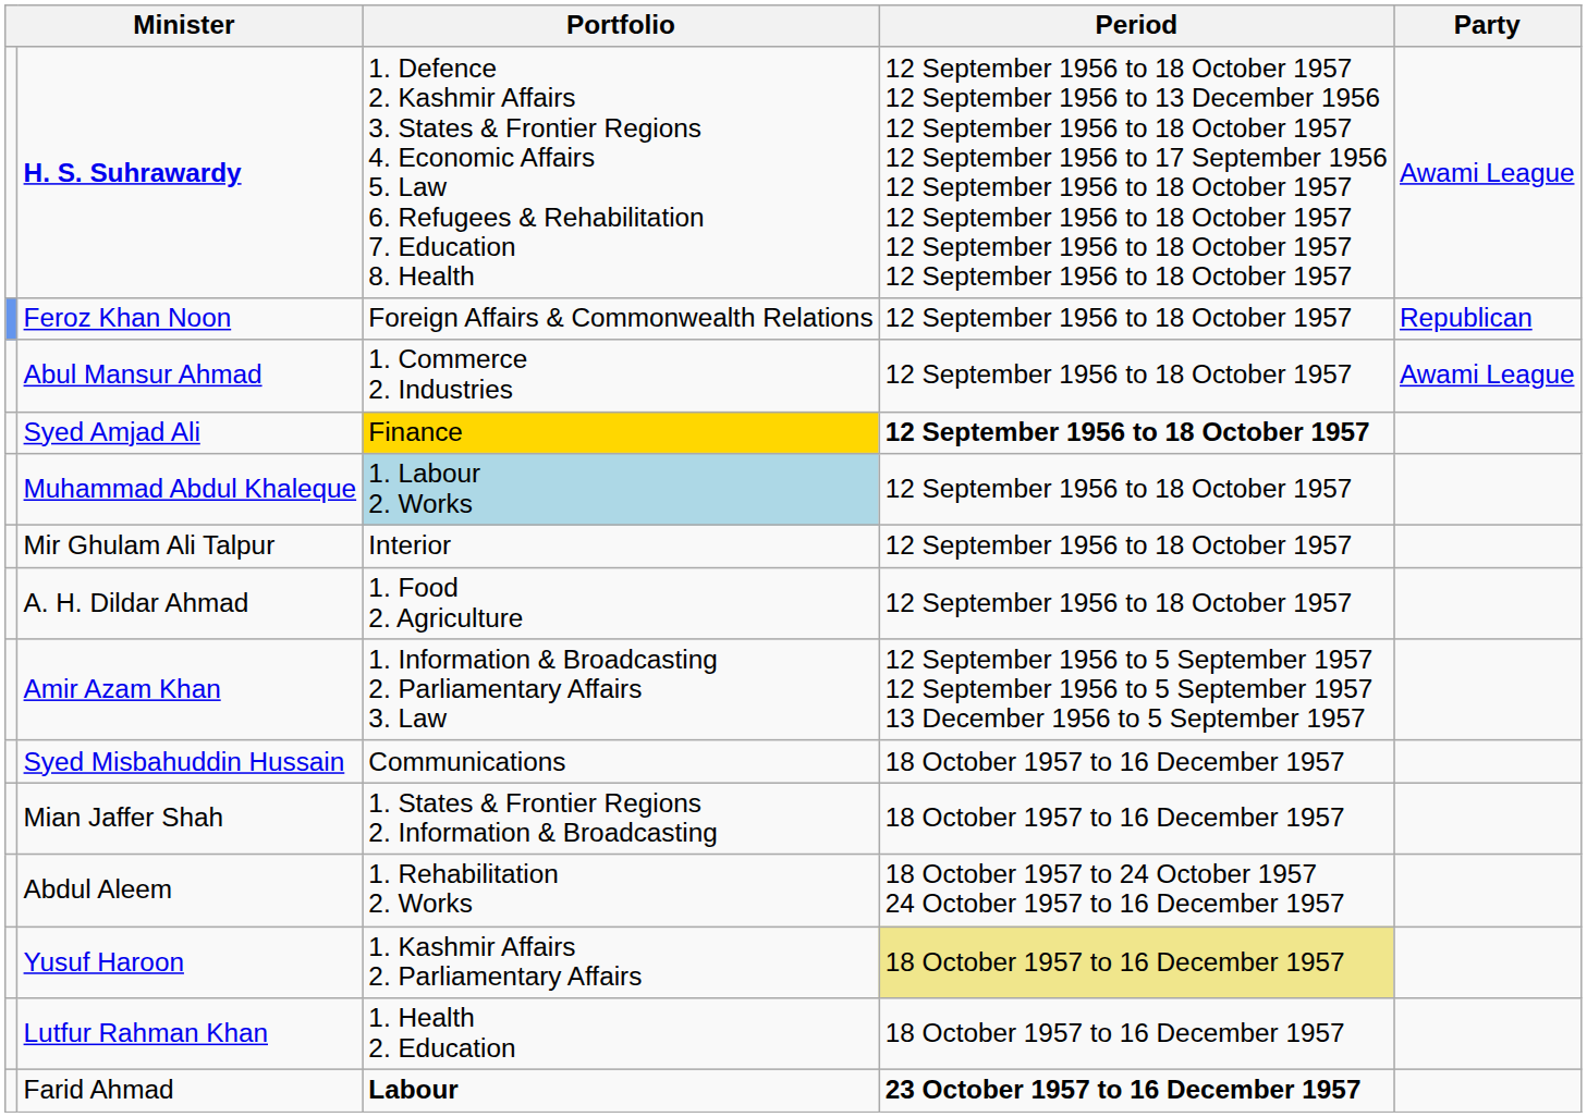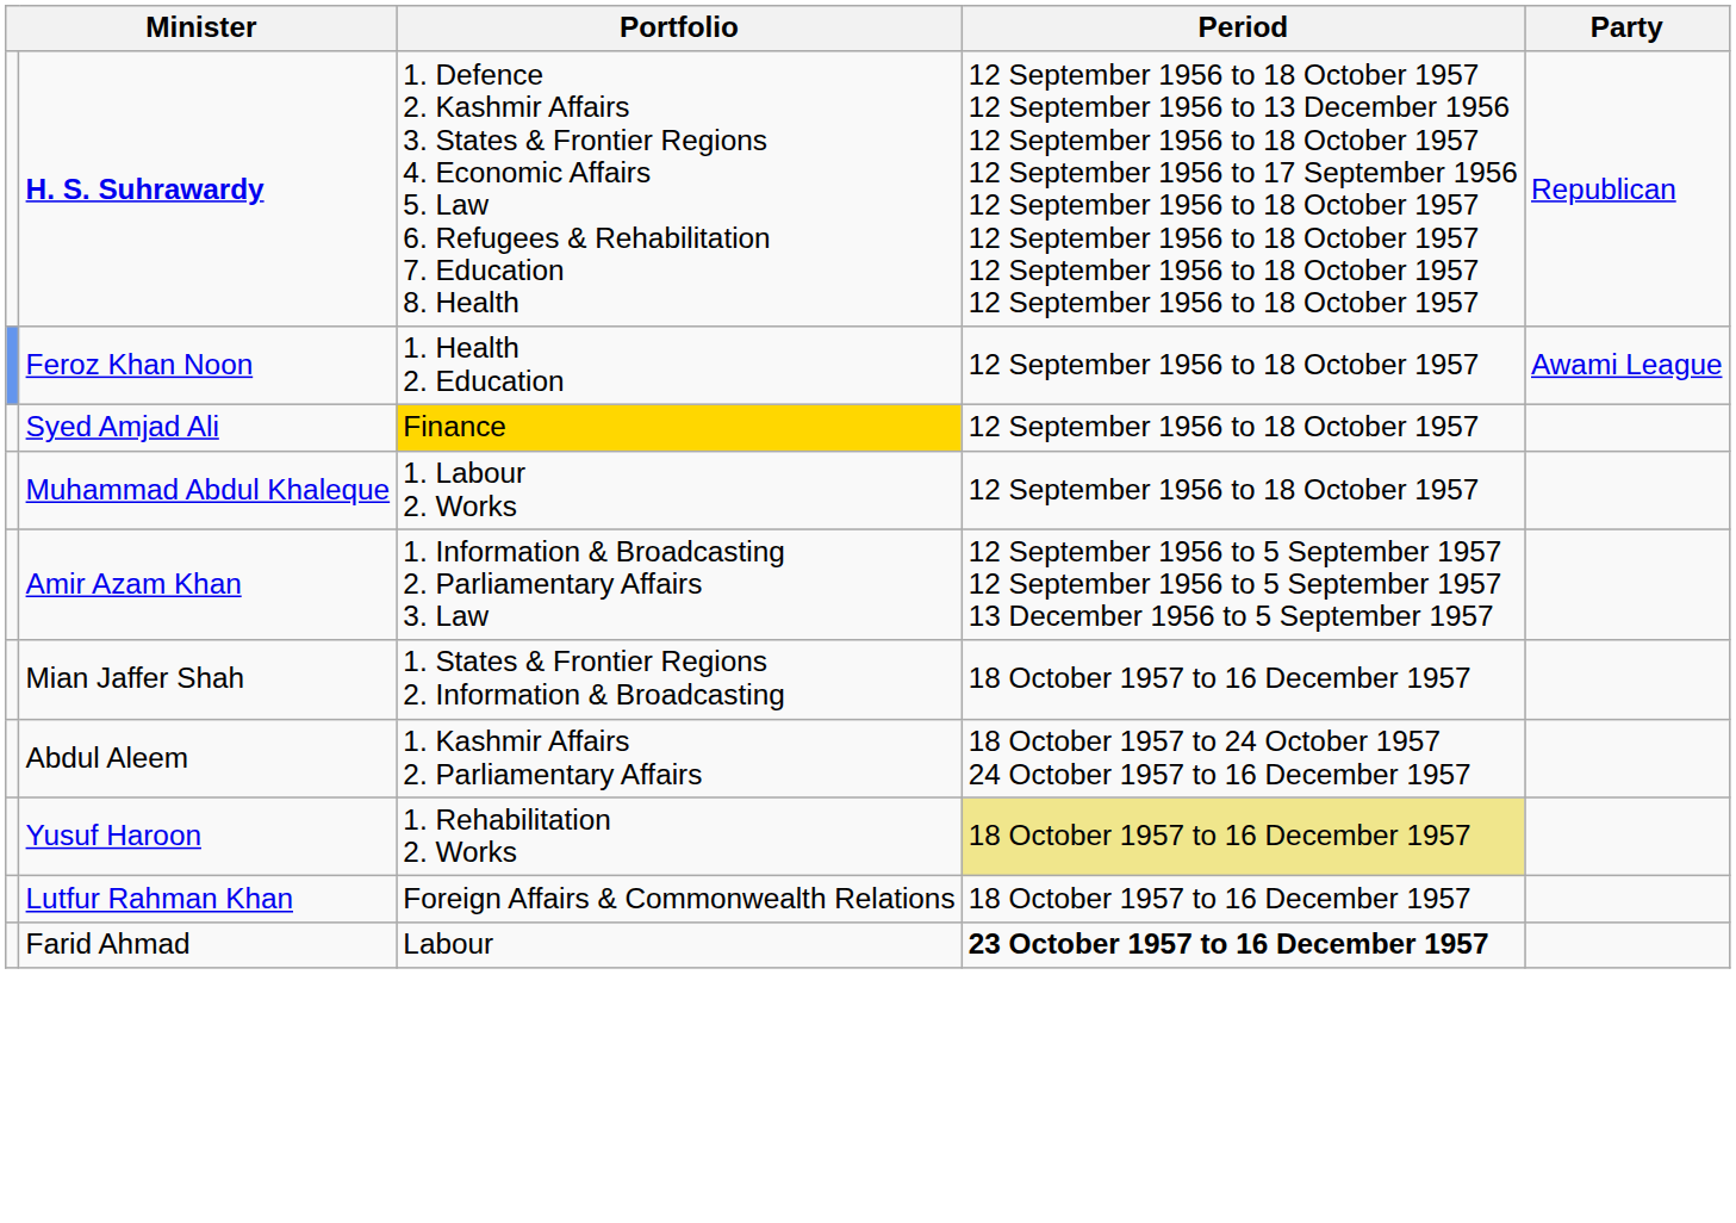 <table class="wikitable sortable">
 <tr>
 <th colspan="2">Minister</th>
 <th>Portfolio</th>
 <th>Period</th>
 <th>Party</th>
 </tr>
 <tr>
 <td align=center style="background-color: "></td>
 <td><strong><a href='#'>H. S. Suhrawardy</a></strong></td>
 <td>1. Defence <br> 2. Kashmir Affairs <br> 3. States & Frontier Regions <br> 4. Economic Affairs <br> 5. Law <br> 6. Refugees & Rehabilitation <br> 7. Education <br> 8. Health</td>
 <td>12 September 1956 to 18 October 1957 <br> 12 September 1956 to 13 December 1956 <br> 12 September 1956 to 18 October 1957 <br> 12 September 1956 to 17 September 1956 <br> 12 September 1956 to 18 October 1957 <br> 12 September 1956 to 18 October 1957 <br> 12 September 1956 to 18 October 1957 <br> 12 September 1956 to 18 October 1957</td>
-<td><a href='#'>Awami League</a></td>
+<td><a href='#'>Republican</a></td>
 </tr>
 <tr>
 <td align=center style="background-color: #6495ED"></td>
 <td><a href='#'>Feroz Khan Noon</a></td>
-<td>Foreign Affairs & Commonwealth Relations</td>
-<td>12 September 1956 to 18 October 1957</td>
-<td><a href='#'>Republican</a></td>
-</tr>
-<tr>
-<td align=center style="background-color: "></td>
-<td><a href='#'>Abul Mansur Ahmad</a></td>
-<td>1. Commerce <br> 2. Industries</td>
+<td>1. Health <br> 2. Education</td>
 <td>12 September 1956 to 18 October 1957</td>
 <td><a href='#'>Awami League</a></td>
 </tr>
 <tr>
 <td></td>
 <td><a href='#'>Syed Amjad Ali</a></td>
 <td style="background: gold;">Finance</td>
-<td><strong>12 September 1956 to 18 October 1957</strong></td>
+<td>12 September 1956 to 18 October 1957</td>
 <td></td>
 </tr>
 <tr>
 <td></td>
 <td><a href='#'>Muhammad Abdul Khaleque</a></td>
-<td style="background: lightblue;">1. Labour <br> 2. Works</td>
-<td>12 September 1956 to 18 October 1957</td>
-<td></td>
-</tr>
-<tr>
-<td></td>
-<td>Mir Ghulam Ali Talpur</td>
-<td>Interior</td>
-<td>12 September 1956 to 18 October 1957</td>
-<td></td>
-</tr>
-<tr>
-<td></td>
-<td>A. H. Dildar Ahmad</td>
-<td>1. Food <br> 2. Agriculture</td>
+<td>1. Labour <br> 2. Works</td>
 <td>12 September 1956 to 18 October 1957</td>
 <td></td>
 </tr>
 <tr>
 <td></td>
 <td><a href='#'>Amir Azam Khan</a></td>
 <td>1. Information & Broadcasting <br> 2. Parliamentary Affairs <br> 3. Law</td>
 <td>12 September 1956 to 5 September 1957 <br> 12 September 1956 to 5 September 1957 <br> 13 December 1956 to 5 September 1957</td>
 <td></td>
 </tr>
 <tr>
 <td></td>
-<td><a href='#'>Syed Misbahuddin Hussain</a></td>
-<td>Communications</td>
-<td>18 October 1957 to 16 December 1957</td>
-<td></td>
-</tr>
-<tr>
-<td></td>
 <td>Mian Jaffer Shah</td>
 <td>1. States & Frontier Regions <br> 2. Information & Broadcasting</td>
 <td>18 October 1957 to 16 December 1957</td>
 <td></td>
 </tr>
 <tr>
 <td></td>
 <td>Abdul Aleem</td>
-<td>1. Rehabilitation <br> 2. Works</td>
+<td>1. Kashmir Affairs <br> 2. Parliamentary Affairs</td>
 <td>18 October 1957 to 24 October 1957 <br> 24 October 1957 to 16 December 1957</td>
 <td></td>
 </tr>
 <tr>
 <td></td>
 <td><a href='#'>Yusuf Haroon</a></td>
-<td>1. Kashmir Affairs <br> 2. Parliamentary Affairs</td>
+<td>1. Rehabilitation <br> 2. Works</td>
 <td style="background: khaki;">18 October 1957 to 16 December 1957</td>
 <td></td>
 </tr>
 <tr>
 <td></td>
 <td><a href='#'>Lutfur Rahman Khan</a></td>
-<td>1. Health <br> 2. Education</td>
+<td>Foreign Affairs & Commonwealth Relations</td>
 <td>18 October 1957 to 16 December 1957</td>
 <td></td>
 </tr>
 <tr>
 <td></td>
 <td>Farid Ahmad</td>
-<td><strong>Labour</strong></td>
+<td>Labour</td>
 <td><strong>23 October 1957 to 16 December 1957</strong></td>
 <td></td>
 </tr>
 </table>
